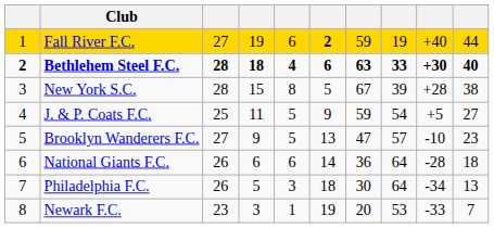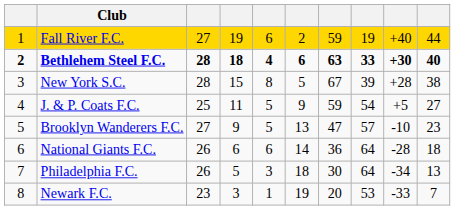 <table class="wikitable" style="text-align:center">
 <tr>
 <th width=30></th>
 <th>Club</th>
 <th width=30></th>
 <th width=30></th>
 <th width=30></th>
 <th width=30></th>
 <th width=30></th>
 <th width=30></th>
 <th width=30></th>
 <th width=30></th>
 </tr>
 <tr bgcolor="gold">
 <td>1</td>
 <td align=left><a href='#'>Fall River F.C.</a></td>
 <td>27</td>
 <td>19</td>
 <td>6</td>
-<td><strong>2</strong></td>
+<td>2</td>
 <td>59</td>
 <td>19</td>
 <td>+40</td>
 <td>44</td>
 </tr>
 <tr>
 <td><strong>2</strong></td>
 <td align=left><strong><a href='#'>Bethlehem Steel F.C.</a></strong></td>
 <td><strong>28</strong></td>
 <td><strong>18</strong></td>
 <td><strong>4</strong></td>
 <td><strong>6</strong></td>
 <td><strong>63</strong></td>
 <td><strong>33</strong></td>
 <td><strong>+30</strong></td>
 <td><strong>40</strong></td>
 </tr>
 <tr>
 <td>3</td>
 <td align=left><a href='#'>New York S.C.</a></td>
 <td>28</td>
 <td>15</td>
 <td>8</td>
 <td>5</td>
 <td>67</td>
 <td>39</td>
 <td>+28</td>
 <td>38</td>
 </tr>
 <tr>
 <td>4</td>
 <td align=left><a href='#'>J. & P. Coats F.C.</a></td>
 <td>25</td>
 <td>11</td>
 <td>5</td>
 <td>9</td>
 <td>59</td>
 <td>54</td>
 <td>+5</td>
 <td>27</td>
 </tr>
 <tr>
 <td>5</td>
 <td align=left><a href='#'>Brooklyn Wanderers F.C.</a></td>
 <td>27</td>
 <td>9</td>
 <td>5</td>
 <td>13</td>
 <td>47</td>
 <td>57</td>
 <td>-10</td>
 <td>23</td>
 </tr>
 <tr>
 <td>6</td>
 <td align=left><a href='#'>National Giants F.C.</a></td>
 <td>26</td>
 <td>6</td>
 <td>6</td>
 <td>14</td>
 <td>36</td>
 <td>64</td>
 <td>-28</td>
 <td>18</td>
 </tr>
 <tr>
 <td>7</td>
 <td align=left><a href='#'>Philadelphia F.C.</a></td>
 <td>26</td>
 <td>5</td>
 <td>3</td>
 <td>18</td>
 <td>30</td>
 <td>64</td>
 <td>-34</td>
 <td>13</td>
 </tr>
 <tr>
 <td>8</td>
 <td align=left><a href='#'>Newark F.C.</a></td>
 <td>23</td>
 <td>3</td>
 <td>1</td>
 <td>19</td>
 <td>20</td>
 <td>53</td>
 <td>-33</td>
 <td>7</td>
 </tr>
 </table>
